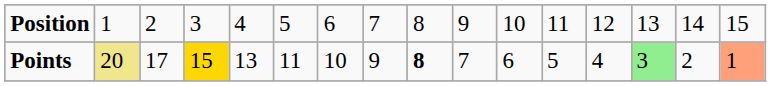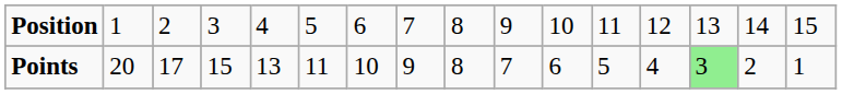 <table class="wikitable" style="font-size: 85%;">
 <tr>
 <td><strong>Position</strong></td>
 <td width=20>1</td>
 <td width=20>2</td>
 <td width=20>3</td>
 <td width=20>4</td>
 <td width=20>5</td>
 <td width=20>6</td>
 <td width=20>7</td>
 <td width=20>8</td>
 <td width=20>9</td>
 <td width=20>10</td>
 <td width=20>11</td>
 <td width=20>12</td>
 <td width=20>13</td>
 <td width=20>14</td>
 <td width=20>15</td>
 </tr>
 <tr>
 <td><strong>Points</strong></td>
-<td style="background: khaki;">20</td>
+<td>20</td>
 <td>17</td>
-<td style="background: gold;">15</td>
+<td>15</td>
 <td>13</td>
 <td>11</td>
 <td>10</td>
 <td>9</td>
-<td><strong>8</strong></td>
+<td>8</td>
 <td>7</td>
 <td>6</td>
 <td>5</td>
 <td>4</td>
 <td style="background: lightgreen;">3</td>
 <td>2</td>
-<td style="background: lightsalmon;">1</td>
+<td>1</td>
 </tr>
 </table>
